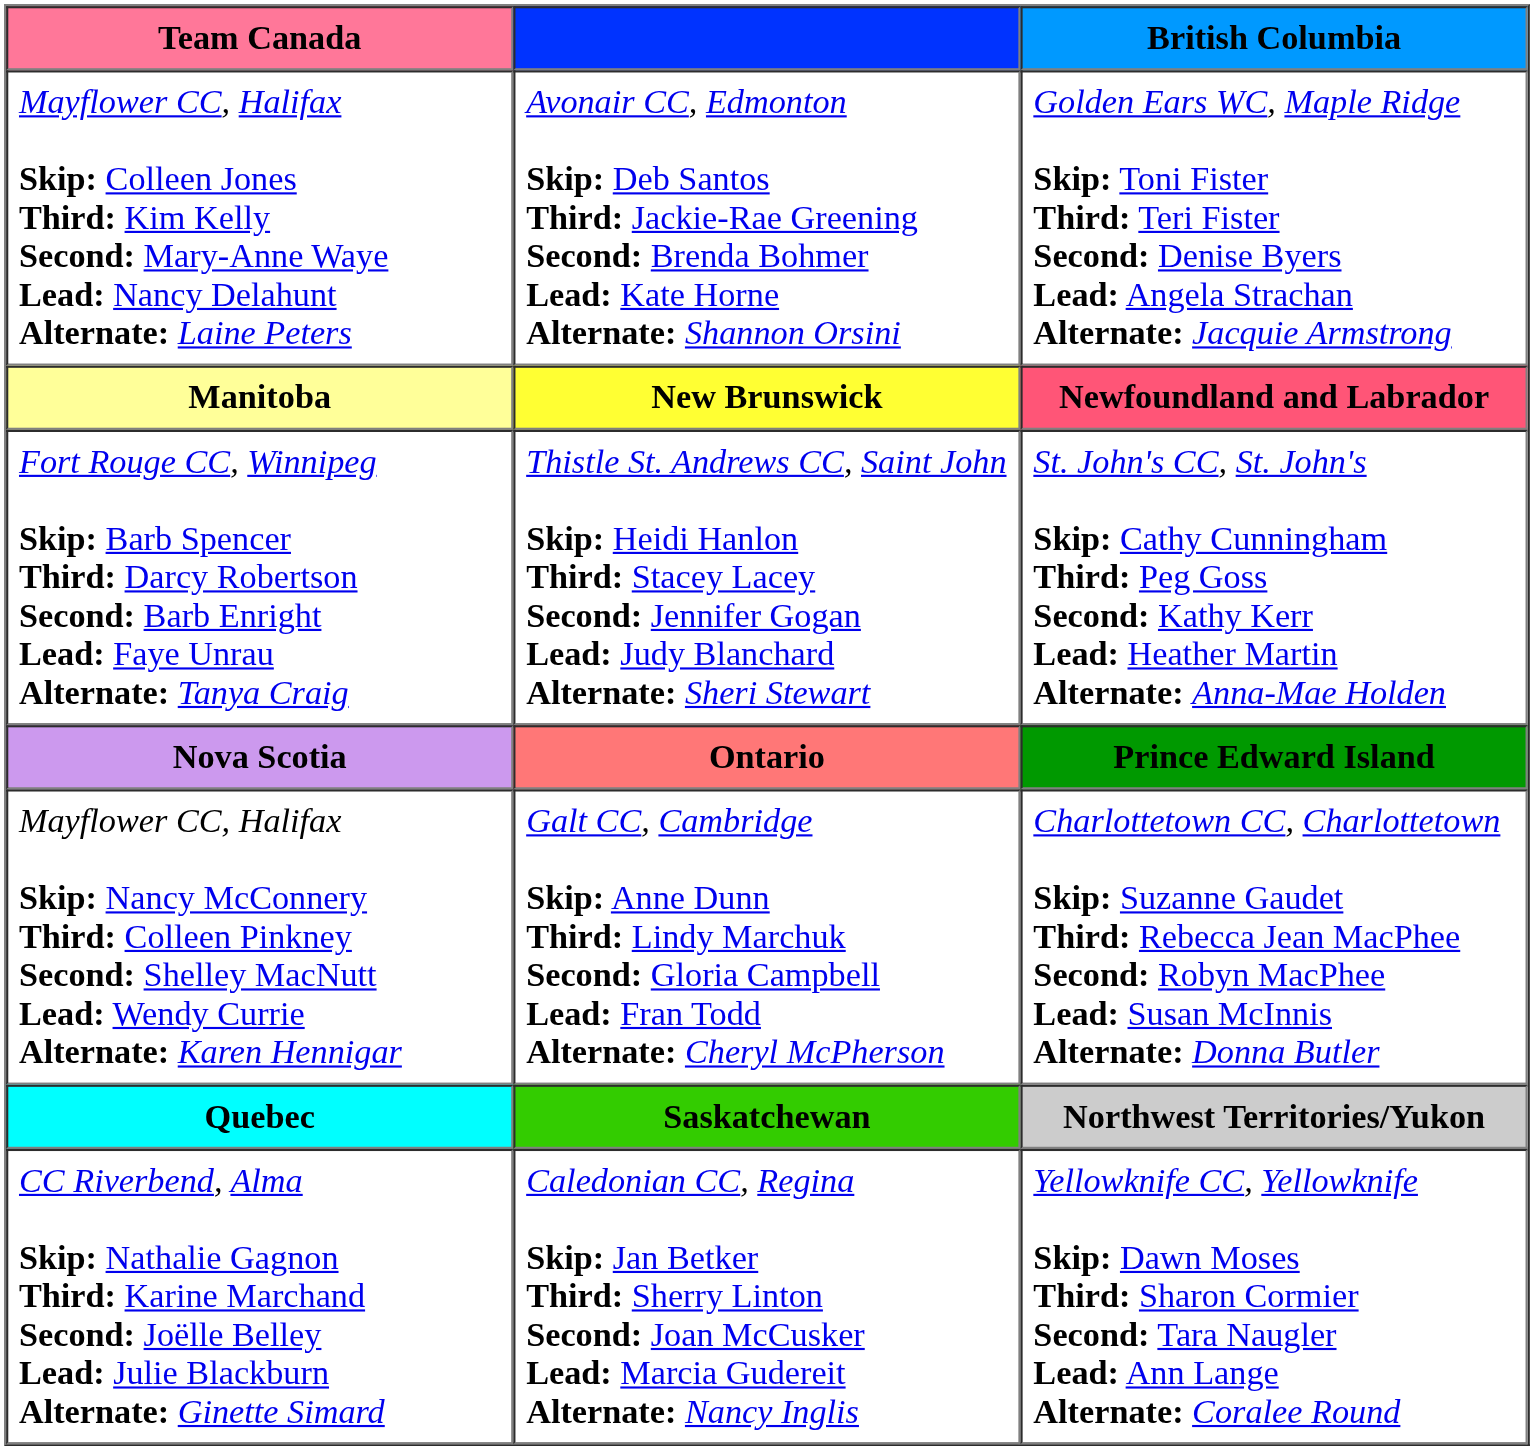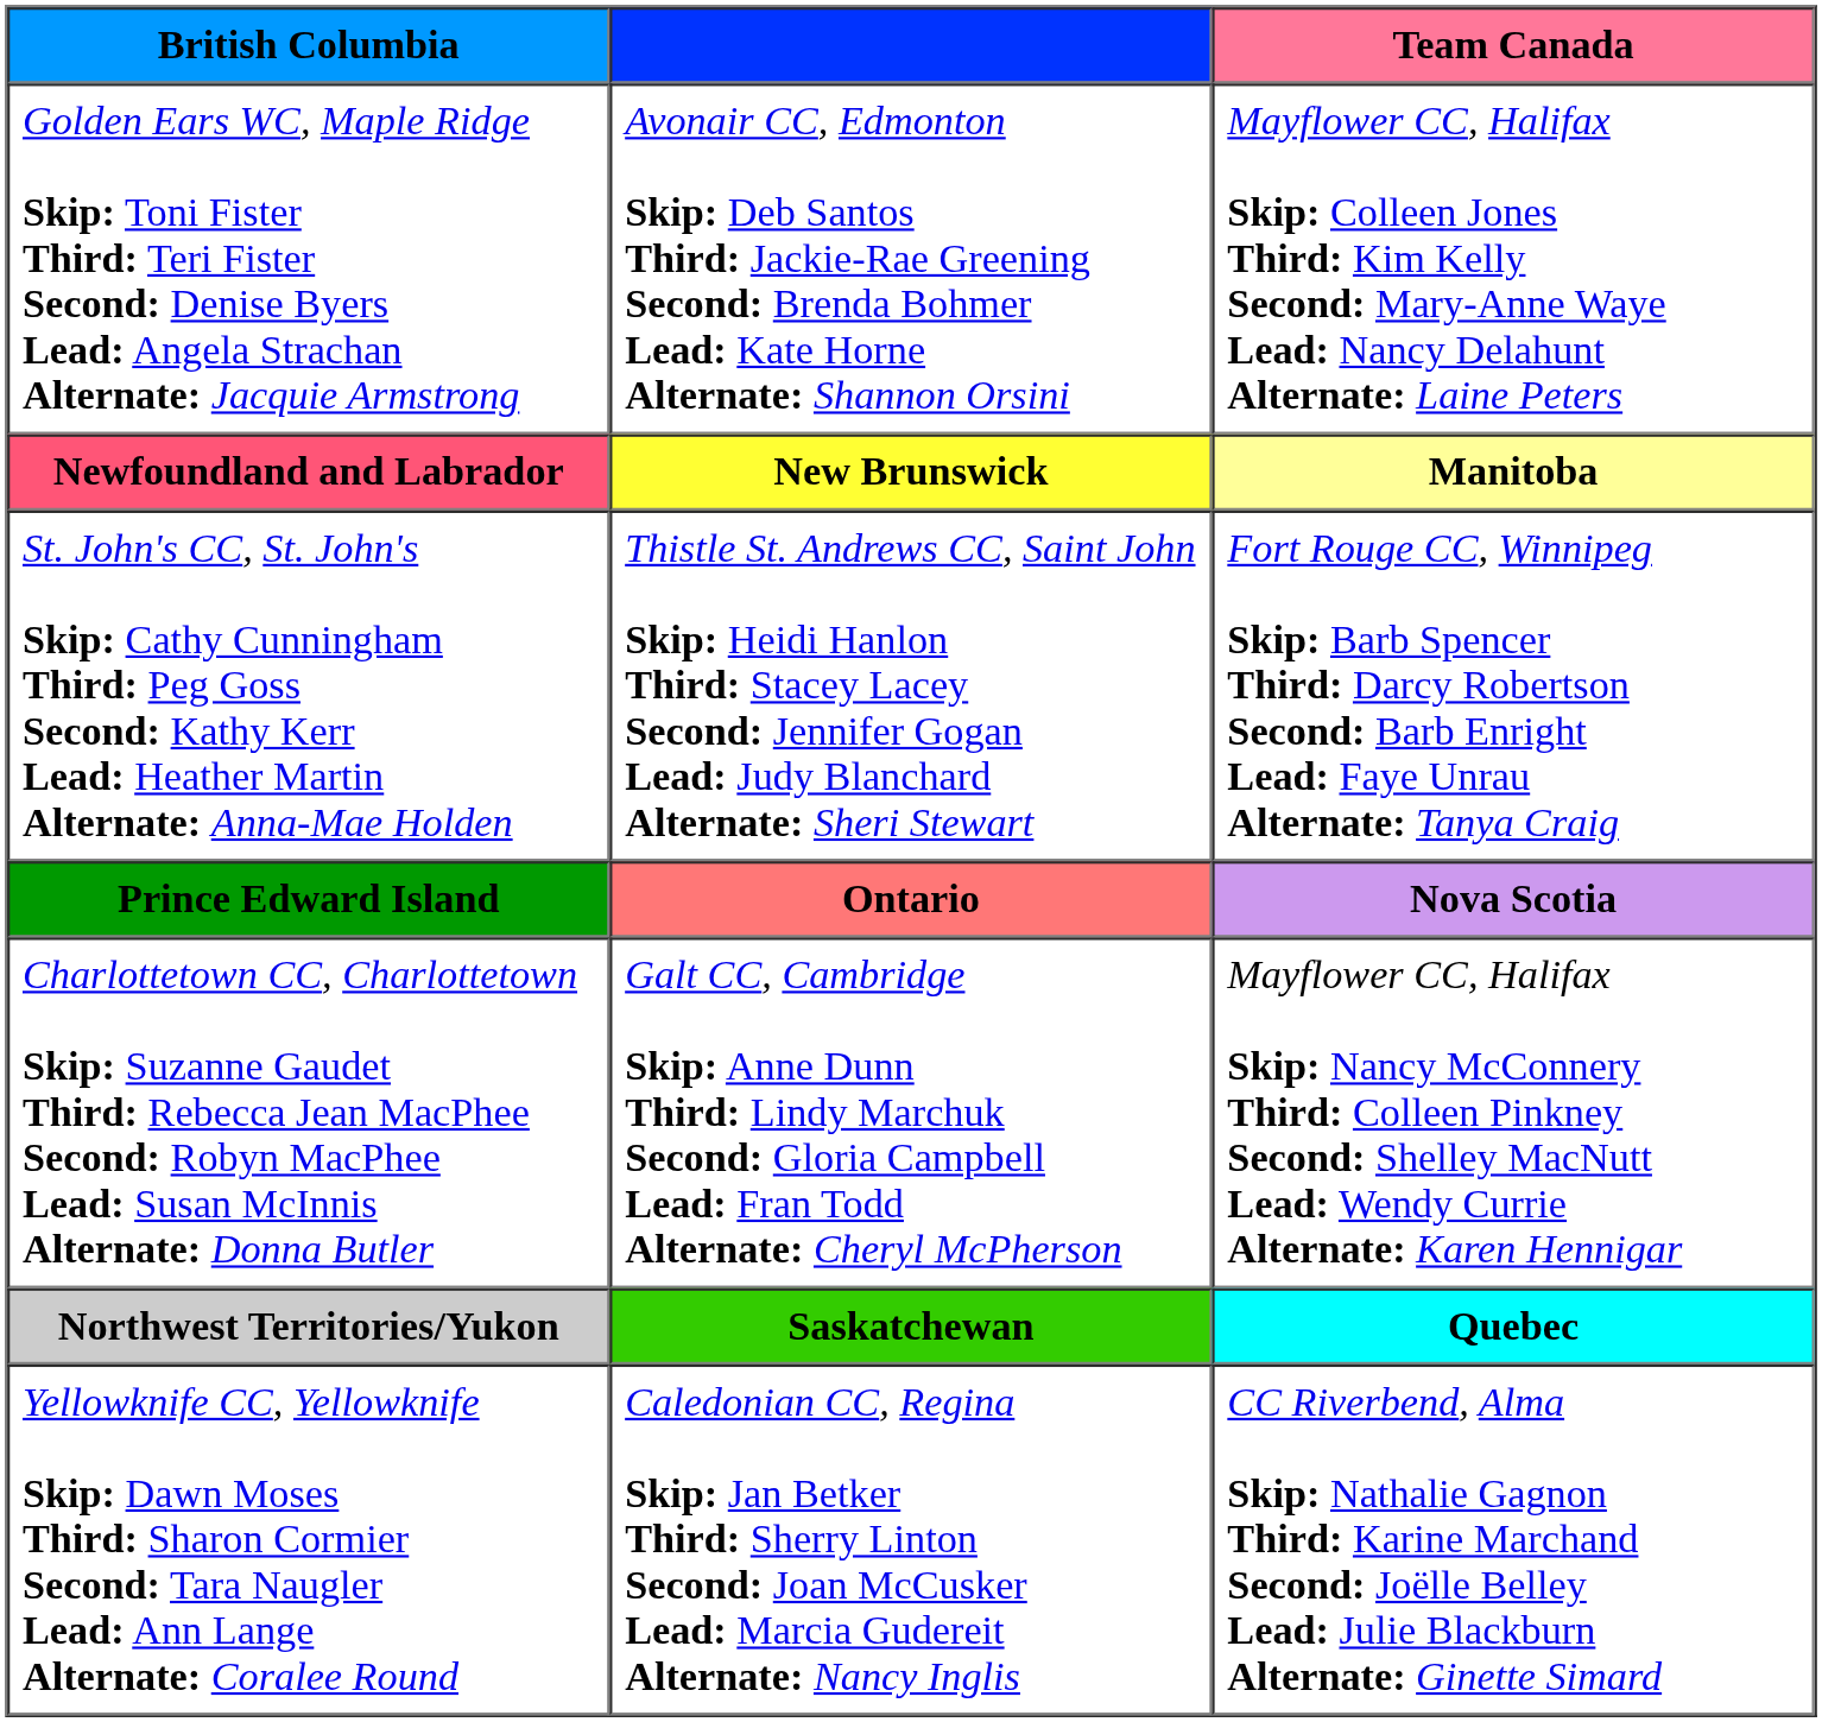 <table border=1 cellpadding=5 cellspacing=0>
 <tr>
+<th bgcolor="#0099ff" width="225">British Columbia</th>
+<th bgcolor="#0033ff" width="225"></th>
 <th bgcolor="#ff7799" width="225">Team Canada</th>
-<th bgcolor="#0033ff" width="225"></th>
-<th bgcolor="#0099ff" width="225">British Columbia</th>
 </tr>
 <tr align=center>
+<td align=left><em><a href='#'>Golden Ears WC</a>, <a href='#'>Maple Ridge</a></em><br><br><strong>Skip:</strong> <a href='#'>Toni Fister</a><br> <strong>Third:</strong> <a href='#'>Teri Fister</a><br> <strong>Second:</strong> <a href='#'>Denise Byers</a><br> <strong>Lead:</strong> <a href='#'>Angela Strachan</a><br> <strong>Alternate:</strong> <em><a href='#'>Jacquie Armstrong</a></em></td>
+<td align=left><em><a href='#'>Avonair CC</a>, <a href='#'>Edmonton</a></em><br><br><strong>Skip:</strong> <a href='#'>Deb Santos</a><br> <strong>Third:</strong> <a href='#'>Jackie-Rae Greening</a><br> <strong>Second:</strong> <a href='#'>Brenda Bohmer</a><br> <strong>Lead:</strong> <a href='#'>Kate Horne</a><br> <strong>Alternate:</strong> <em><a href='#'>Shannon Orsini</a></em></td>
 <td align=left><em><a href='#'>Mayflower CC</a>, <a href='#'>Halifax</a></em><br><br><strong>Skip:</strong> <a href='#'>Colleen Jones</a><br> <strong>Third:</strong> <a href='#'>Kim Kelly</a><br> <strong>Second:</strong> <a href='#'>Mary-Anne Waye</a><br> <strong>Lead:</strong> <a href='#'>Nancy Delahunt</a><br> <strong>Alternate:</strong> <em><a href='#'>Laine Peters</a></em></td>
-<td align=left><em><a href='#'>Avonair CC</a>, <a href='#'>Edmonton</a></em><br><br><strong>Skip:</strong> <a href='#'>Deb Santos</a><br> <strong>Third:</strong> <a href='#'>Jackie-Rae Greening</a><br> <strong>Second:</strong> <a href='#'>Brenda Bohmer</a><br> <strong>Lead:</strong> <a href='#'>Kate Horne</a><br> <strong>Alternate:</strong> <em><a href='#'>Shannon Orsini</a></em></td>
-<td align=left><em><a href='#'>Golden Ears WC</a>, <a href='#'>Maple Ridge</a></em><br><br><strong>Skip:</strong> <a href='#'>Toni Fister</a><br> <strong>Third:</strong> <a href='#'>Teri Fister</a><br> <strong>Second:</strong> <a href='#'>Denise Byers</a><br> <strong>Lead:</strong> <a href='#'>Angela Strachan</a><br> <strong>Alternate:</strong> <em><a href='#'>Jacquie Armstrong</a></em></td>
 </tr>
 <tr border=1 cellpadding=5 cellspacing=0>
+<th bgcolor="#ff5577" width="200">Newfoundland and Labrador</th>
+<th bgcolor="#ffff33" width="200">New Brunswick</th>
 <th bgcolor="#ffff99" width="200">Manitoba</th>
-<th bgcolor="#ffff33" width="200">New Brunswick</th>
-<th bgcolor="#ff5577" width="200">Newfoundland and Labrador</th>
 </tr>
 <tr align=center>
+<td align=left><em><a href='#'>St. John's CC</a>, <a href='#'>St. John's</a></em><br><br><strong>Skip:</strong> <a href='#'>Cathy Cunningham</a><br> <strong>Third:</strong> <a href='#'>Peg Goss</a><br> <strong>Second:</strong> <a href='#'>Kathy Kerr</a><br> <strong>Lead:</strong> <a href='#'>Heather Martin</a><br> <strong>Alternate:</strong> <em><a href='#'>Anna-Mae Holden</a></em></td>
+<td align=left><em><a href='#'>Thistle St. Andrews CC</a>, <a href='#'>Saint John</a></em><br><br><strong>Skip:</strong> <a href='#'>Heidi Hanlon</a><br> <strong>Third:</strong> <a href='#'>Stacey Lacey</a><br> <strong>Second:</strong> <a href='#'>Jennifer Gogan</a><br> <strong>Lead:</strong> <a href='#'>Judy Blanchard</a><br> <strong>Alternate:</strong> <em><a href='#'>Sheri Stewart</a></em></td>
 <td align=left><em><a href='#'>Fort Rouge CC</a>, <a href='#'>Winnipeg</a></em><br><br><strong>Skip:</strong> <a href='#'>Barb Spencer</a><br> <strong>Third:</strong> <a href='#'>Darcy Robertson</a><br> <strong>Second:</strong> <a href='#'>Barb Enright</a><br> <strong>Lead:</strong> <a href='#'>Faye Unrau</a><br> <strong>Alternate:</strong> <em><a href='#'>Tanya Craig</a></em></td>
-<td align=left><em><a href='#'>Thistle St. Andrews CC</a>, <a href='#'>Saint John</a></em><br><br><strong>Skip:</strong> <a href='#'>Heidi Hanlon</a><br> <strong>Third:</strong> <a href='#'>Stacey Lacey</a><br> <strong>Second:</strong> <a href='#'>Jennifer Gogan</a><br> <strong>Lead:</strong> <a href='#'>Judy Blanchard</a><br> <strong>Alternate:</strong> <em><a href='#'>Sheri Stewart</a></em></td>
-<td align=left><em><a href='#'>St. John's CC</a>, <a href='#'>St. John's</a></em><br><br><strong>Skip:</strong> <a href='#'>Cathy Cunningham</a><br> <strong>Third:</strong> <a href='#'>Peg Goss</a><br> <strong>Second:</strong> <a href='#'>Kathy Kerr</a><br> <strong>Lead:</strong> <a href='#'>Heather Martin</a><br> <strong>Alternate:</strong> <em><a href='#'>Anna-Mae Holden</a></em></td>
 </tr>
 <tr border=1 cellpadding=5 cellspacing=0>
+<th bgcolor="#009900" width="200">Prince Edward Island</th>
+<th bgcolor="#ff7777" width="200">Ontario</th>
 <th bgcolor="#cc99ee" width="200">Nova Scotia</th>
-<th bgcolor="#ff7777" width="200">Ontario</th>
-<th bgcolor="#009900" width="200">Prince Edward Island</th>
 </tr>
 <tr align=center>
+<td align=left><em><a href='#'>Charlottetown CC</a>, <a href='#'>Charlottetown</a></em><br><br><strong>Skip:</strong> <a href='#'>Suzanne Gaudet</a><br> <strong>Third:</strong> <a href='#'>Rebecca Jean MacPhee</a><br> <strong>Second:</strong> <a href='#'>Robyn MacPhee</a><br> <strong>Lead:</strong> <a href='#'>Susan McInnis</a><br> <strong>Alternate:</strong> <em><a href='#'>Donna Butler</a></em></td>
+<td align=left><em><a href='#'>Galt CC</a>, <a href='#'>Cambridge</a></em><br><br><strong>Skip:</strong> <a href='#'>Anne Dunn</a><br> <strong>Third:</strong> <a href='#'>Lindy Marchuk</a><br> <strong>Second:</strong> <a href='#'>Gloria Campbell</a><br> <strong>Lead:</strong> <a href='#'>Fran Todd</a><br> <strong>Alternate:</strong> <em><a href='#'>Cheryl McPherson</a></em></td>
 <td align=left><em>Mayflower CC, Halifax</em><br><br><strong>Skip:</strong> <a href='#'>Nancy McConnery</a><br> <strong>Third:</strong> <a href='#'>Colleen Pinkney</a><br> <strong>Second:</strong> <a href='#'>Shelley MacNutt</a><br> <strong>Lead:</strong> <a href='#'>Wendy Currie</a><br> <strong>Alternate:</strong> <em><a href='#'>Karen Hennigar</a></em></td>
-<td align=left><em><a href='#'>Galt CC</a>, <a href='#'>Cambridge</a></em><br><br><strong>Skip:</strong> <a href='#'>Anne Dunn</a><br> <strong>Third:</strong> <a href='#'>Lindy Marchuk</a><br> <strong>Second:</strong> <a href='#'>Gloria Campbell</a><br> <strong>Lead:</strong> <a href='#'>Fran Todd</a><br> <strong>Alternate:</strong> <em><a href='#'>Cheryl McPherson</a></em></td>
-<td align=left><em><a href='#'>Charlottetown CC</a>, <a href='#'>Charlottetown</a></em><br><br><strong>Skip:</strong> <a href='#'>Suzanne Gaudet</a><br> <strong>Third:</strong> <a href='#'>Rebecca Jean MacPhee</a><br> <strong>Second:</strong> <a href='#'>Robyn MacPhee</a><br> <strong>Lead:</strong> <a href='#'>Susan McInnis</a><br> <strong>Alternate:</strong> <em><a href='#'>Donna Butler</a></em></td>
 </tr>
 <tr border=1 cellpadding=5 cellspacing=0>
+<th bgcolor="#cccccc" width="200">Northwest Territories/Yukon</th>
+<th bgcolor="#33cc00" width="200">Saskatchewan</th>
 <th bgcolor="#00ffff" width="200">Quebec</th>
-<th bgcolor="#33cc00" width="200">Saskatchewan</th>
-<th bgcolor="#cccccc" width="200">Northwest Territories/Yukon</th>
 </tr>
 <tr align=center>
+<td align=left><em><a href='#'>Yellowknife CC</a>, <a href='#'>Yellowknife</a></em><br><br><strong>Skip:</strong> <a href='#'>Dawn Moses</a><br> <strong>Third:</strong> <a href='#'>Sharon Cormier</a><br> <strong>Second:</strong> <a href='#'>Tara Naugler</a><br> <strong>Lead:</strong> <a href='#'>Ann Lange</a><br> <strong>Alternate:</strong> <em><a href='#'>Coralee Round</a></em></td>
+<td align=left><em><a href='#'>Caledonian CC</a>, <a href='#'>Regina</a></em><br><br><strong>Skip:</strong> <a href='#'>Jan Betker</a><br> <strong>Third:</strong> <a href='#'>Sherry Linton</a><br> <strong>Second:</strong> <a href='#'>Joan McCusker</a><br> <strong>Lead:</strong> <a href='#'>Marcia Gudereit</a><br> <strong>Alternate:</strong> <em><a href='#'>Nancy Inglis</a></em></td>
 <td align=left><em><a href='#'>CC Riverbend</a>, <a href='#'>Alma</a></em><br><br><strong>Skip:</strong> <a href='#'>Nathalie Gagnon</a><br> <strong>Third:</strong> <a href='#'>Karine Marchand</a><br> <strong>Second:</strong> <a href='#'>Joëlle Belley</a><br> <strong>Lead:</strong> <a href='#'>Julie Blackburn</a><br> <strong>Alternate:</strong> <em><a href='#'>Ginette Simard</a></em></td>
-<td align=left><em><a href='#'>Caledonian CC</a>, <a href='#'>Regina</a></em><br><br><strong>Skip:</strong> <a href='#'>Jan Betker</a><br> <strong>Third:</strong> <a href='#'>Sherry Linton</a><br> <strong>Second:</strong> <a href='#'>Joan McCusker</a><br> <strong>Lead:</strong> <a href='#'>Marcia Gudereit</a><br> <strong>Alternate:</strong> <em><a href='#'>Nancy Inglis</a></em></td>
-<td align=left><em><a href='#'>Yellowknife CC</a>, <a href='#'>Yellowknife</a></em><br><br><strong>Skip:</strong> <a href='#'>Dawn Moses</a><br> <strong>Third:</strong> <a href='#'>Sharon Cormier</a><br> <strong>Second:</strong> <a href='#'>Tara Naugler</a><br> <strong>Lead:</strong> <a href='#'>Ann Lange</a><br> <strong>Alternate:</strong> <em><a href='#'>Coralee Round</a></em></td>
 </tr>
 </table>
